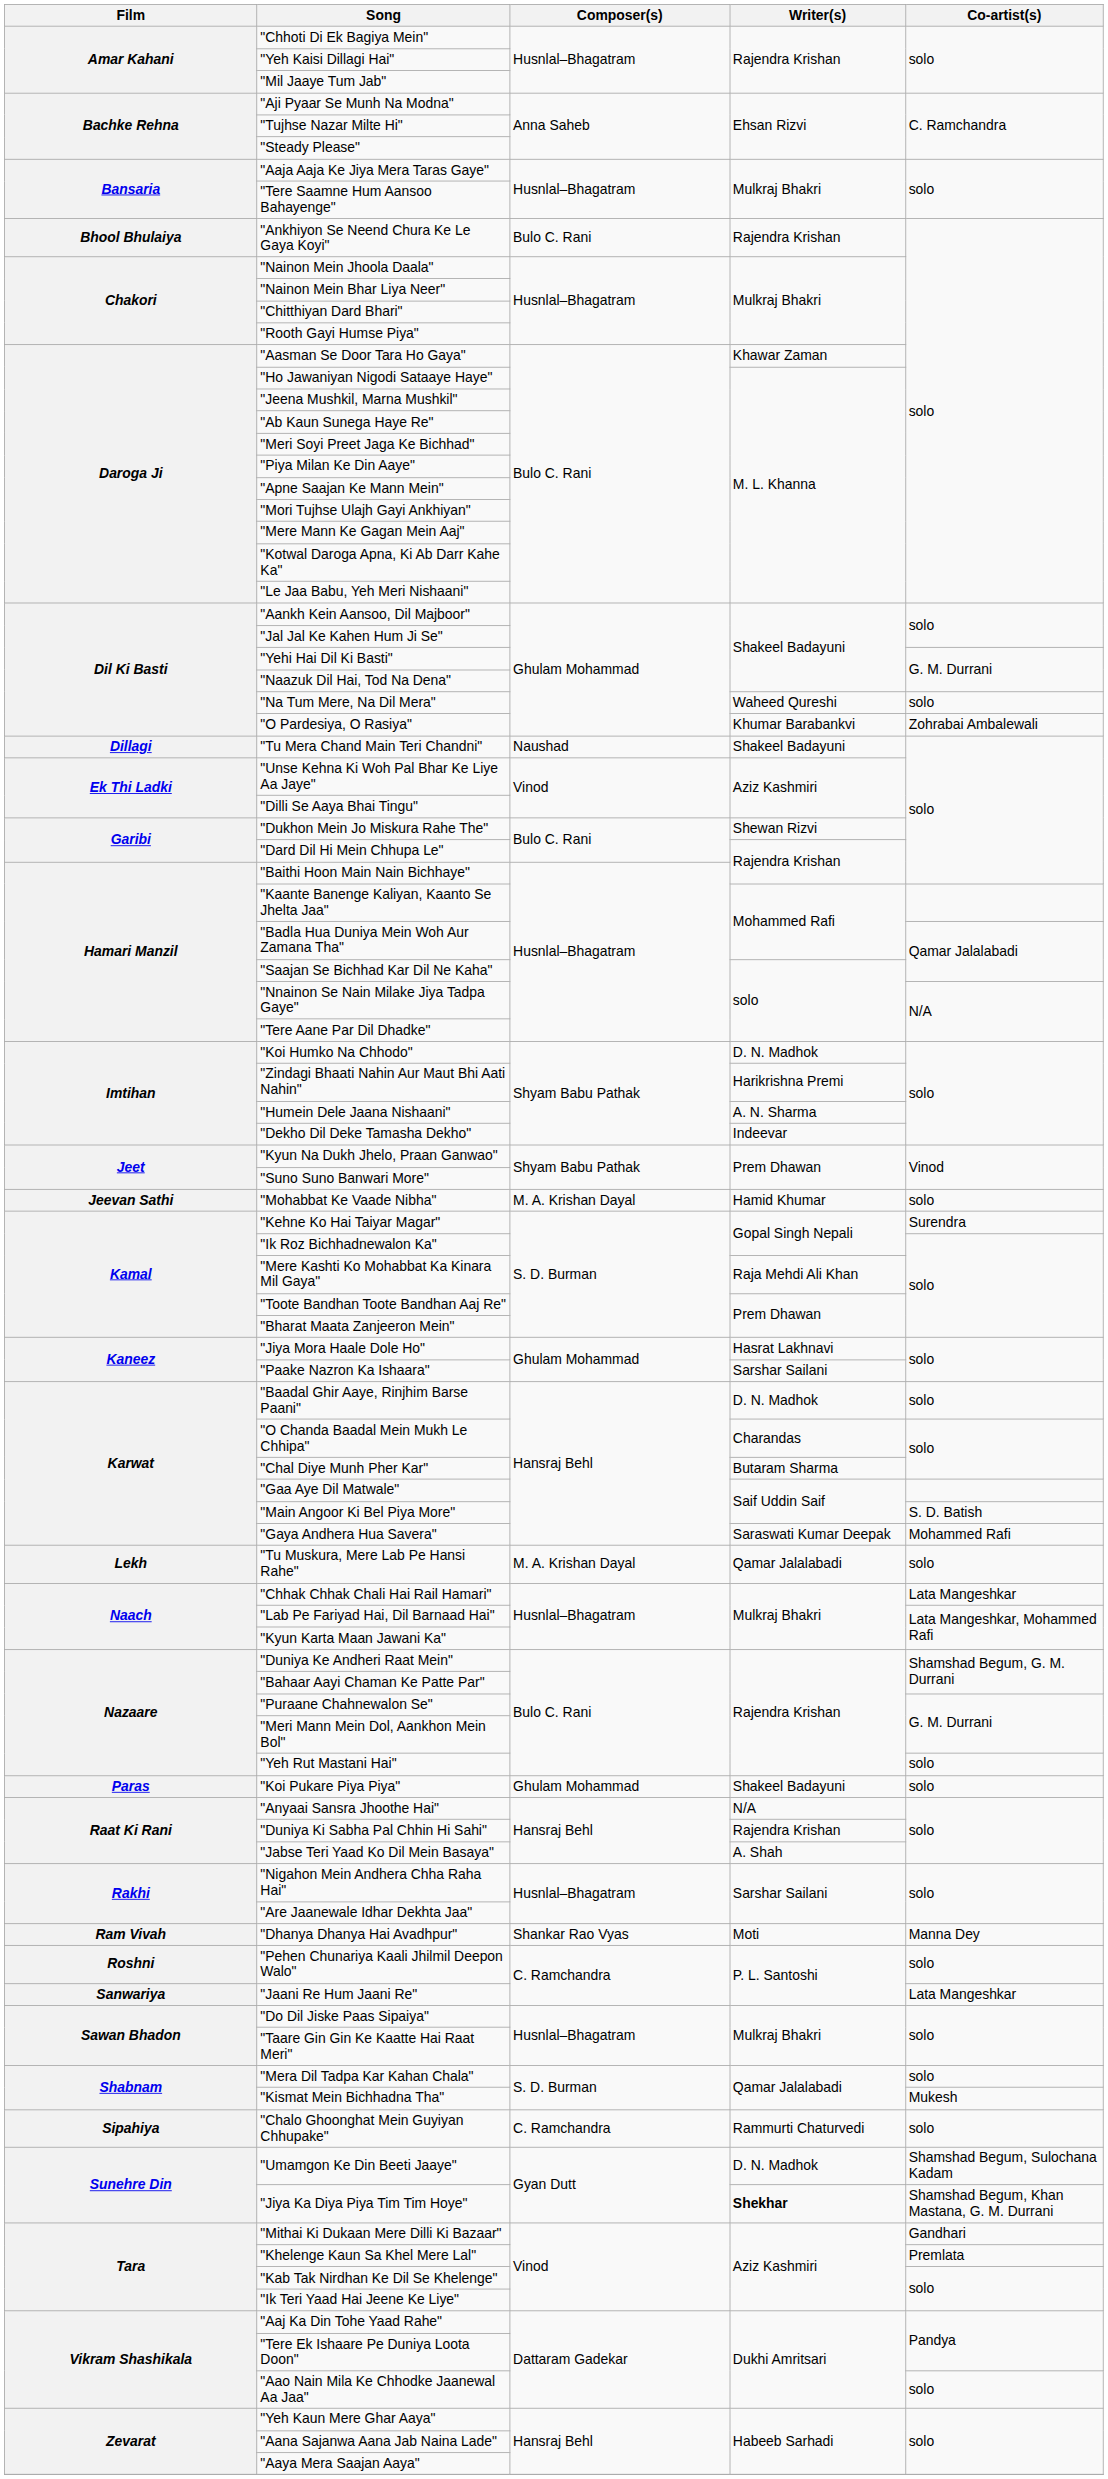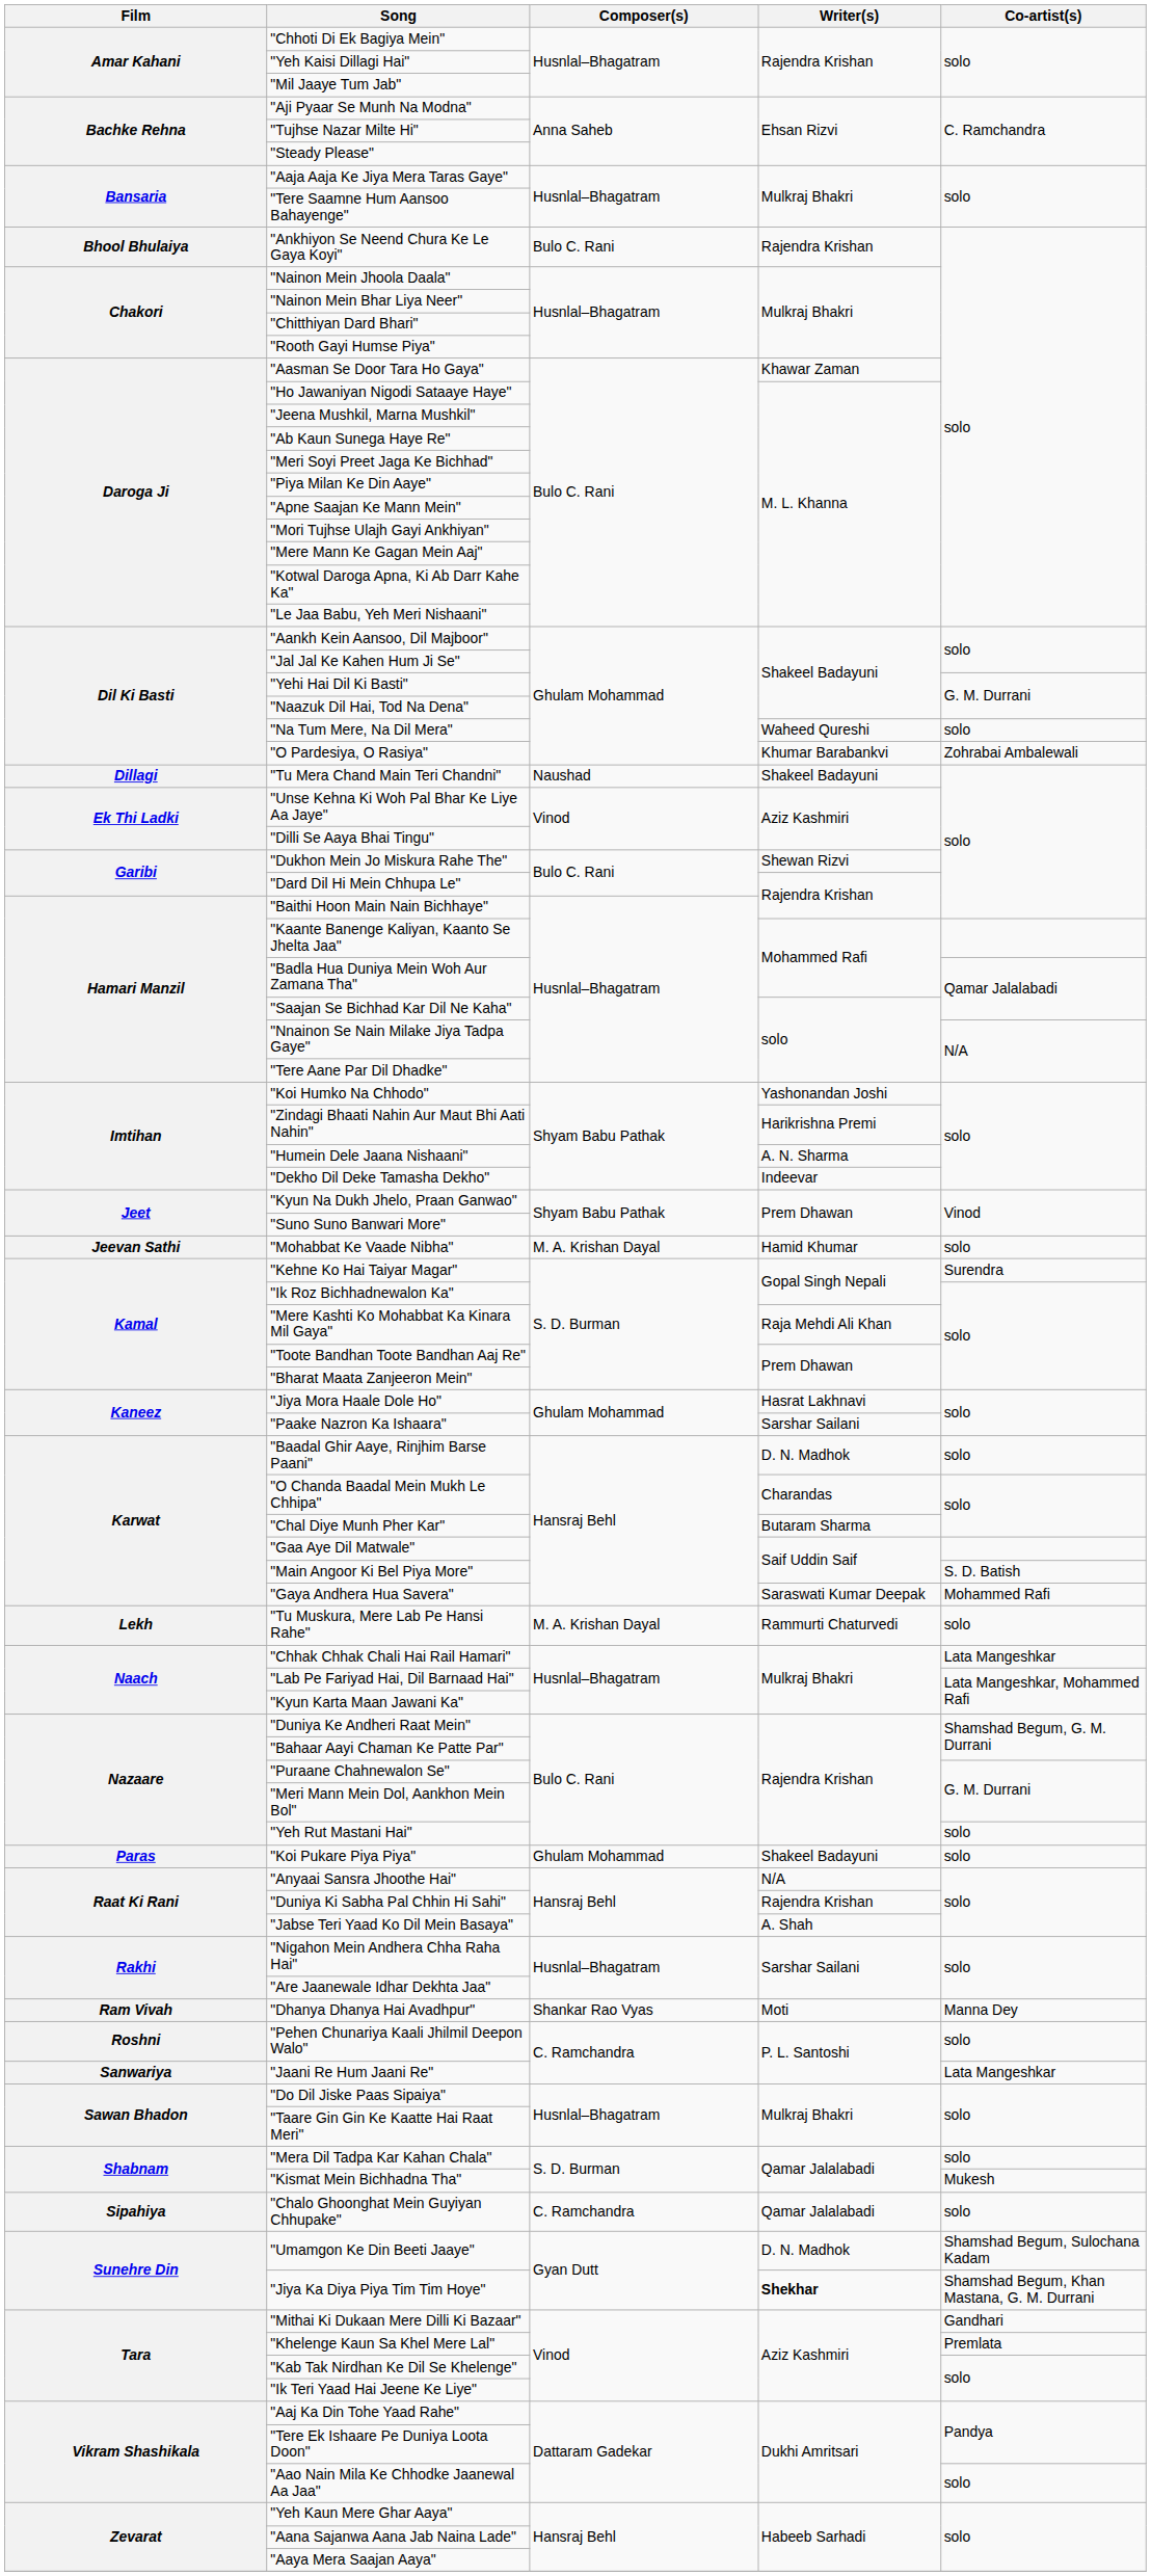 <table class="wikitable plainrowheaders" width="100%" textcolor:#000;">
 <tr style="background:#b0e0e66;">
 <th scope="col" width=23%><strong>Film</strong></th>
 <th scope="col" width=23%><strong>Song</strong></th>
 <th scope="col" width=20%><strong>Composer(s)</strong></th>
 <th scope="col" width=16%><strong>Writer(s)</strong></th>
 <th scope="col" width=18%><strong>Co-artist(s)</strong></th>
 </tr>
 <tr>
 <th Rowspan=3><em>Amar Kahani</em></th>
 <td>"Chhoti Di Ek Bagiya Mein"</td>
 <td rowspan=3>Husnlal–Bhagatram</td>
 <td rowspan=3>Rajendra Krishan</td>
 <td rowspan=3>solo</td>
 </tr>
 <tr>
 <td>"Yeh Kaisi Dillagi Hai"</td>
 </tr>
 <tr>
 <td>"Mil Jaaye Tum Jab"</td>
 </tr>
 <tr>
 <th Rowspan=3><em>Bachke Rehna</em></th>
 <td>"Aji Pyaar Se Munh Na Modna"</td>
 <td Rowspan=3>Anna Saheb</td>
 <td rowspan=3>Ehsan Rizvi</td>
 <td rowspan=3>C. Ramchandra</td>
 </tr>
 <tr>
 <td>"Tujhse Nazar Milte Hi"</td>
 </tr>
 <tr>
 <td>"Steady Please"</td>
 </tr>
 <tr>
 <th Rowspan=2><em><a href='#'>Bansaria</a></em></th>
 <td>"Aaja Aaja Ke Jiya Mera Taras Gaye"</td>
 <td Rowspan=2>Husnlal–Bhagatram</td>
 <td rowspan=2>Mulkraj Bhakri</td>
 <td rowspan=2>solo</td>
 </tr>
 <tr>
 <td>"Tere Saamne Hum Aansoo Bahayenge"</td>
 </tr>
 <tr>
 <th><em>Bhool Bhulaiya</em></th>
 <td>"Ankhiyon Se Neend Chura Ke Le Gaya Koyi"</td>
 <td>Bulo C. Rani</td>
 <td>Rajendra Krishan</td>
 <td Rowspan=16>solo</td>
 </tr>
 <tr>
 <th Rowspan=4><em>Chakori</em></th>
 <td>"Nainon Mein Jhoola Daala"</td>
 <td Rowspan=4>Husnlal–Bhagatram</td>
 <td rowspan=4>Mulkraj Bhakri</td>
 </tr>
 <tr>
 <td>"Nainon Mein Bhar Liya Neer"</td>
 </tr>
 <tr>
 <td>"Chitthiyan Dard Bhari"</td>
 </tr>
 <tr>
 <td>"Rooth Gayi Humse Piya"</td>
 </tr>
 <tr>
 <th Rowspan=11><em>Daroga Ji</em></th>
 <td>"Aasman Se Door Tara Ho Gaya"</td>
 <td Rowspan=11>Bulo C. Rani</td>
 <td>Khawar Zaman</td>
 </tr>
 <tr>
 <td>"Ho Jawaniyan Nigodi Sataaye Haye"</td>
 <td Rowspan=10>M. L. Khanna</td>
 </tr>
 <tr>
 <td>"Jeena Mushkil, Marna Mushkil"</td>
 </tr>
 <tr>
 <td>"Ab Kaun Sunega Haye Re"</td>
 </tr>
 <tr>
 <td>"Meri Soyi Preet Jaga Ke Bichhad"</td>
 </tr>
 <tr>
 <td>"Piya Milan Ke Din Aaye"</td>
 </tr>
 <tr>
 <td>"Apne Saajan Ke Mann Mein"</td>
 </tr>
 <tr>
 <td>"Mori Tujhse Ulajh Gayi Ankhiyan"</td>
 </tr>
 <tr>
 <td>"Mere Mann Ke Gagan Mein Aaj"</td>
 </tr>
 <tr>
 <td>"Kotwal Daroga Apna, Ki Ab Darr Kahe Ka"</td>
 </tr>
 <tr>
 <td>"Le Jaa Babu, Yeh Meri Nishaani"</td>
 </tr>
 <tr>
 <th Rowspan=6><em>Dil Ki Basti</em></th>
 <td>"Aankh Kein Aansoo, Dil Majboor"</td>
 <td rowspan=6>Ghulam Mohammad</td>
 <td rowspan=4>Shakeel Badayuni</td>
 <td rowspan=2>solo</td>
 </tr>
 <tr>
 <td>"Jal Jal Ke Kahen Hum Ji Se"</td>
 </tr>
 <tr>
 <td>"Yehi Hai Dil Ki Basti"</td>
 <td rowspan=2>G. M. Durrani</td>
 </tr>
 <tr>
 <td>"Naazuk Dil Hai, Tod Na Dena"</td>
 </tr>
 <tr>
 <td>"Na Tum Mere, Na Dil Mera"</td>
 <td>Waheed Qureshi</td>
 <td>solo</td>
 </tr>
 <tr>
 <td>"O Pardesiya, O Rasiya"</td>
 <td>Khumar Barabankvi</td>
 <td>Zohrabai Ambalewali</td>
 </tr>
 <tr>
 <th><em><a href='#'>Dillagi</a></em></th>
 <td>"Tu Mera Chand Main Teri Chandni"</td>
 <td>Naushad</td>
 <td>Shakeel Badayuni</td>
 <td rowspan=6>solo</td>
 </tr>
 <tr>
 <th Rowspan=2><em><a href='#'>Ek Thi Ladki</a></em></th>
 <td>"Unse Kehna Ki Woh Pal Bhar Ke Liye Aa Jaye"</td>
 <td rowspan=2>Vinod</td>
 <td rowspan=2>Aziz Kashmiri</td>
 </tr>
 <tr>
 <td>"Dilli Se Aaya Bhai Tingu"</td>
 </tr>
 <tr>
 <th Rowspan=2><em><a href='#'>Garibi</a></em></th>
 <td>"Dukhon Mein Jo Miskura Rahe The"</td>
 <td rowspan=2>Bulo C. Rani</td>
 <td>Shewan Rizvi</td>
 </tr>
 <tr>
 <td>"Dard Dil Hi Mein Chhupa Le"</td>
 <td rowspan=2>Rajendra Krishan</td>
 </tr>
 <tr>
 <th Rowspan=6><em>Hamari Manzil</em></th>
 <td>"Baithi Hoon Main Nain Bichhaye"</td>
 <td rowspan=6>Husnlal–Bhagatram</td>
 </tr>
 <tr>
 <td>"Kaante Banenge Kaliyan, Kaanto Se Jhelta Jaa"</td>
 <td rowspan=2>Mohammed Rafi</td>
 </tr>
 <tr>
 <td>"Badla Hua Duniya Mein Woh Aur Zamana Tha"</td>
 <td rowspan=2>Qamar Jalalabadi</td>
 </tr>
 <tr>
 <td>"Saajan Se Bichhad Kar Dil Ne Kaha"</td>
 <td rowspan=3>solo</td>
 </tr>
 <tr>
 <td>"Nnainon Se Nain Milake Jiya Tadpa Gaye"</td>
 <td rowspan=2>N/A</td>
 </tr>
 <tr>
 <td>"Tere Aane Par Dil Dhadke"</td>
 </tr>
 <tr>
 <th Rowspan=4><em>Imtihan</em></th>
 <td>"Koi Humko Na Chhodo"</td>
 <td rowspan=4>Shyam Babu Pathak</td>
-<td>D. N. Madhok</td>
+<td>Yashonandan Joshi</td>
 <td rowspan=4>solo</td>
 </tr>
 <tr>
 <td>"Zindagi Bhaati Nahin Aur Maut Bhi Aati Nahin"</td>
 <td>Harikrishna Premi</td>
 </tr>
 <tr>
 <td>"Humein Dele Jaana Nishaani"</td>
 <td>A. N. Sharma</td>
 </tr>
 <tr>
 <td>"Dekho Dil Deke Tamasha Dekho"</td>
 <td>Indeevar</td>
 </tr>
 <tr>
 <th Rowspan=2><em><a href='#'>Jeet</a></em></th>
 <td>"Kyun Na Dukh Jhelo, Praan Ganwao"</td>
 <td rowspan=2>Shyam Babu Pathak</td>
 <td rowspan=2>Prem Dhawan</td>
 <td rowspan=2>Vinod</td>
 </tr>
 <tr>
 <td>"Suno Suno Banwari More"</td>
 </tr>
 <tr>
 <th><em>Jeevan Sathi</em></th>
 <td>"Mohabbat Ke Vaade Nibha"</td>
 <td>M. A. Krishan Dayal</td>
 <td>Hamid Khumar</td>
 <td>solo</td>
 </tr>
 <tr>
 <th Rowspan=5><em><a href='#'>Kamal</a></em></th>
 <td>"Kehne Ko Hai Taiyar Magar"</td>
 <td rowspan=5>S. D. Burman</td>
 <td rowspan=2>Gopal Singh Nepali</td>
 <td>Surendra</td>
 </tr>
 <tr>
 <td>"Ik Roz Bichhadnewalon Ka"</td>
 <td rowspan=4>solo</td>
 </tr>
 <tr>
 <td>"Mere Kashti Ko Mohabbat Ka Kinara Mil Gaya"</td>
 <td>Raja Mehdi Ali Khan</td>
 </tr>
 <tr>
 <td>"Toote Bandhan Toote Bandhan Aaj Re"</td>
 <td Rowspan=2>Prem Dhawan</td>
 </tr>
 <tr>
 <td>"Bharat Maata Zanjeeron Mein"</td>
 </tr>
 <tr>
 <th Rowspan=2><em><a href='#'>Kaneez</a></em></th>
 <td>"Jiya Mora Haale Dole Ho"</td>
 <td rowspan=2>Ghulam Mohammad</td>
 <td>Hasrat Lakhnavi</td>
 <td rowspan=2>solo</td>
 </tr>
 <tr>
 <td>"Paake Nazron Ka Ishaara"</td>
 <td>Sarshar Sailani</td>
 </tr>
 <tr>
 <th Rowspan=6><em>Karwat</em></th>
 <td>"Baadal Ghir Aaye, Rinjhim Barse Paani"</td>
 <td rowspan=6>Hansraj Behl</td>
 <td>D. N. Madhok</td>
 <td>solo</td>
 </tr>
 <tr>
 <td>"O Chanda Baadal Mein Mukh Le Chhipa"</td>
 <td>Charandas</td>
 <td rowspan=2>solo</td>
 </tr>
 <tr>
 <td>"Chal Diye Munh Pher Kar"</td>
 <td>Butaram Sharma</td>
 </tr>
 <tr>
 <td>"Gaa Aye Dil Matwale"</td>
 <td rowspan=2>Saif Uddin Saif</td>
 </tr>
 <tr>
 <td>"Main Angoor Ki Bel Piya More"</td>
 <td>S. D. Batish</td>
 </tr>
 <tr>
 <td>"Gaya Andhera Hua Savera"</td>
 <td>Saraswati Kumar Deepak</td>
 <td>Mohammed Rafi</td>
 </tr>
 <tr>
 <th><em>Lekh</em></th>
 <td>"Tu Muskura, Mere Lab Pe Hansi Rahe"</td>
 <td>M. A. Krishan Dayal</td>
-<td>Qamar Jalalabadi</td>
+<td>Rammurti Chaturvedi</td>
 <td>solo</td>
 </tr>
 <tr>
 <th Rowspan=3><em><a href='#'>Naach</a></em></th>
 <td>"Chhak Chhak Chali Hai Rail Hamari"</td>
 <td rowspan=3>Husnlal–Bhagatram</td>
 <td rowspan=3>Mulkraj Bhakri</td>
 <td>Lata Mangeshkar</td>
 </tr>
 <tr>
 <td>"Lab Pe Fariyad Hai, Dil Barnaad Hai"</td>
 <td rowspan=2>Lata Mangeshkar, Mohammed Rafi</td>
 </tr>
 <tr>
 <td>"Kyun Karta Maan Jawani Ka"</td>
 </tr>
 <tr>
 <th Rowspan=5><em>Nazaare</em></th>
 <td>"Duniya Ke Andheri Raat Mein"</td>
 <td rowspan=5>Bulo C. Rani</td>
 <td rowspan=5>Rajendra Krishan</td>
 <td rowspan=2>Shamshad Begum, G. M. Durrani</td>
 </tr>
 <tr>
 <td>"Bahaar Aayi Chaman Ke Patte Par"</td>
 </tr>
 <tr>
 <td>"Puraane Chahnewalon Se"</td>
 <td rowspan=2>G. M. Durrani</td>
 </tr>
 <tr>
 <td>"Meri Mann Mein Dol, Aankhon Mein Bol"</td>
 </tr>
 <tr>
 <td>"Yeh Rut Mastani Hai"</td>
 <td>solo</td>
 </tr>
 <tr>
 <th><em><a href='#'>Paras</a></em></th>
 <td>"Koi Pukare Piya Piya"</td>
 <td>Ghulam Mohammad</td>
 <td>Shakeel Badayuni</td>
 <td>solo</td>
 </tr>
 <tr>
 <th rowspan=3><em>Raat Ki Rani</em></th>
 <td>"Anyaai Sansra Jhoothe Hai"</td>
 <td rowspan=3>Hansraj Behl</td>
 <td>N/A</td>
 <td rowspan=3>solo</td>
 </tr>
 <tr>
 <td>"Duniya Ki Sabha Pal Chhin Hi Sahi"</td>
 <td>Rajendra Krishan</td>
 </tr>
 <tr>
 <td>"Jabse Teri Yaad Ko Dil Mein Basaya"</td>
 <td>A. Shah</td>
 </tr>
 <tr>
 <th Rowspan=2><em><a href='#'>Rakhi</a></em></th>
 <td>"Nigahon Mein Andhera Chha Raha Hai"</td>
 <td rowspan=2>Husnlal–Bhagatram</td>
 <td rowspan=2>Sarshar Sailani</td>
 <td rowspan=2>solo</td>
 </tr>
 <tr>
 <td>"Are Jaanewale Idhar Dekhta Jaa"</td>
 </tr>
 <tr>
 <th><em>Ram Vivah</em></th>
 <td>"Dhanya Dhanya Hai Avadhpur"</td>
 <td>Shankar Rao Vyas</td>
 <td>Moti</td>
 <td>Manna Dey</td>
 </tr>
 <tr>
 <th><em>Roshni</em></th>
 <td>"Pehen Chunariya Kaali Jhilmil Deepon Walo"</td>
 <td rowspan=2>C. Ramchandra</td>
 <td rowspan=2>P. L. Santoshi</td>
 <td>solo</td>
 </tr>
 <tr>
 <th><em>Sanwariya</em></th>
 <td>"Jaani Re Hum Jaani Re"</td>
 <td>Lata Mangeshkar</td>
 </tr>
 <tr>
 <th Rowspan=2><em>Sawan Bhadon</em></th>
 <td>"Do Dil Jiske Paas Sipaiya"</td>
 <td rowspan=2>Husnlal–Bhagatram</td>
 <td rowspan=2>Mulkraj Bhakri</td>
 <td rowspan=2>solo</td>
 </tr>
 <tr>
 <td>"Taare Gin Gin Ke Kaatte Hai Raat Meri"</td>
 </tr>
 <tr>
 <th Rowspan=2><em><a href='#'>Shabnam</a></em></th>
 <td>"Mera Dil Tadpa Kar Kahan Chala"</td>
 <td rowspan=2>S. D. Burman</td>
 <td rowspan=2>Qamar Jalalabadi</td>
 <td>solo</td>
 </tr>
 <tr>
 <td>"Kismat Mein Bichhadna Tha"</td>
 <td>Mukesh</td>
 </tr>
 <tr>
 <th><em>Sipahiya</em></th>
 <td>"Chalo Ghoonghat Mein Guyiyan Chhupake"</td>
 <td>C. Ramchandra</td>
-<td>Rammurti Chaturvedi</td>
+<td>Qamar Jalalabadi</td>
 <td>solo</td>
 </tr>
 <tr>
 <th Rowspan=2><em><a href='#'>Sunehre Din</a></em></th>
 <td>"Umamgon Ke Din Beeti Jaaye"</td>
 <td rowspan=2>Gyan Dutt</td>
 <td>D. N. Madhok</td>
 <td>Shamshad Begum, Sulochana Kadam</td>
 </tr>
 <tr>
 <td>"Jiya Ka Diya Piya Tim Tim Hoye"</td>
 <td><strong>Shekhar</strong></td>
 <td>Shamshad Begum, Khan Mastana, G. M. Durrani</td>
 </tr>
 <tr>
 <th Rowspan=4><em>Tara</em></th>
 <td>"Mithai Ki Dukaan Mere Dilli Ki Bazaar"</td>
 <td rowspan=4>Vinod</td>
 <td rowspan=4>Aziz Kashmiri</td>
 <td>Gandhari</td>
 </tr>
 <tr>
 <td>"Khelenge Kaun Sa Khel Mere Lal"</td>
 <td>Premlata</td>
 </tr>
 <tr>
 <td>"Kab Tak Nirdhan Ke Dil Se Khelenge"</td>
 <td rowspan=2>solo</td>
 </tr>
 <tr>
 <td>"Ik Teri Yaad Hai Jeene Ke Liye"</td>
 </tr>
 <tr>
 <th Rowspan=3><em>Vikram Shashikala</em></th>
 <td>"Aaj Ka Din Tohe Yaad Rahe"</td>
 <td rowspan=3>Dattaram Gadekar</td>
 <td rowspan=3>Dukhi Amritsari</td>
 <td rowspan=2>Pandya</td>
 </tr>
 <tr>
 <td>"Tere Ek Ishaare Pe Duniya Loota Doon"</td>
 </tr>
 <tr>
 <td>"Aao Nain Mila Ke Chhodke Jaanewal Aa Jaa"</td>
 <td>solo</td>
 </tr>
 <tr>
 <th Rowspan=3><em>Zevarat</em></th>
 <td>"Yeh Kaun Mere Ghar Aaya"</td>
 <td rowspan=3>Hansraj Behl</td>
 <td rowspan=3>Habeeb Sarhadi</td>
 <td rowspan=3>solo</td>
 </tr>
 <tr>
 <td>"Aana Sajanwa Aana Jab Naina Lade"</td>
 </tr>
 <tr>
 <td>"Aaya Mera Saajan Aaya"</td>
 </tr>
 <tr>
 </tr>
 </table>
